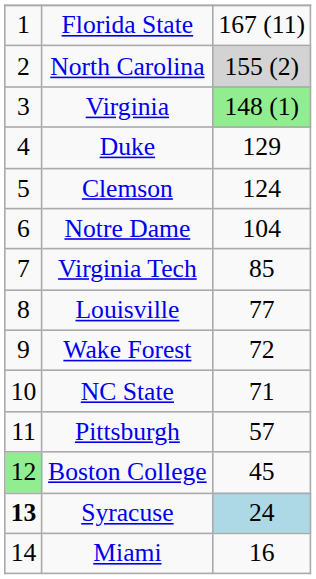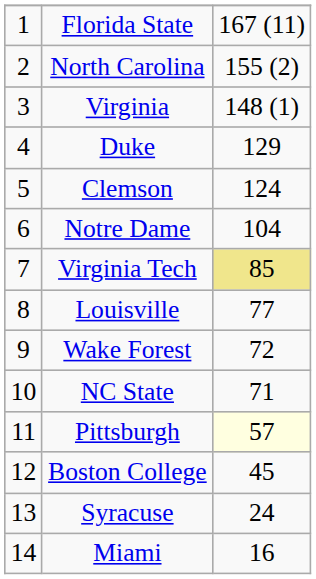 <table class="wikitable" style="display: inline-table;">
 <tr align="center">
 </tr>
 <tr align="center">
 <td>1</td>
 <td><a href='#'>Florida State</a></td>
 <td>167 (11)</td>
 </tr>
 <tr align="center">
 <td>2</td>
 <td><a href='#'>North Carolina</a></td>
-<td style="background: lightgrey;">155 (2)</td>
+<td>155 (2)</td>
 </tr>
 <tr align="center">
 <td>3</td>
 <td><a href='#'>Virginia</a></td>
-<td style="background: lightgreen;">148 (1)</td>
+<td>148 (1)</td>
 </tr>
 <tr align="center">
 <td>4</td>
 <td><a href='#'>Duke</a></td>
 <td>129</td>
 </tr>
 <tr align="center">
 <td>5</td>
 <td><a href='#'>Clemson</a></td>
 <td>124</td>
 </tr>
 <tr align="center">
 <td>6</td>
 <td><a href='#'>Notre Dame</a></td>
 <td>104</td>
 </tr>
 <tr align="center">
 <td>7</td>
 <td><a href='#'>Virginia Tech</a></td>
-<td>85</td>
+<td style="background: khaki;">85</td>
 </tr>
 <tr align="center">
 <td>8</td>
 <td><a href='#'>Louisville</a></td>
 <td>77</td>
 </tr>
 <tr align="center">
 <td>9</td>
 <td><a href='#'>Wake Forest</a></td>
 <td>72</td>
 </tr>
 <tr align="center">
 <td>10</td>
 <td><a href='#'>NC State</a></td>
 <td>71</td>
 </tr>
 <tr align="center">
 <td>11</td>
 <td><a href='#'>Pittsburgh</a></td>
-<td>57</td>
+<td style="background: lightyellow;">57</td>
 </tr>
 <tr align="center">
-<td style="background: lightgreen;">12</td>
+<td>12</td>
 <td><a href='#'>Boston College</a></td>
 <td>45</td>
 </tr>
 <tr align="center">
-<td><strong>13</strong></td>
+<td>13</td>
 <td><a href='#'>Syracuse</a></td>
-<td style="background: lightblue;">24</td>
+<td>24</td>
 </tr>
 <tr align="center">
 <td>14</td>
 <td><a href='#'>Miami</a></td>
 <td>16</td>
 </tr>
 </table>
